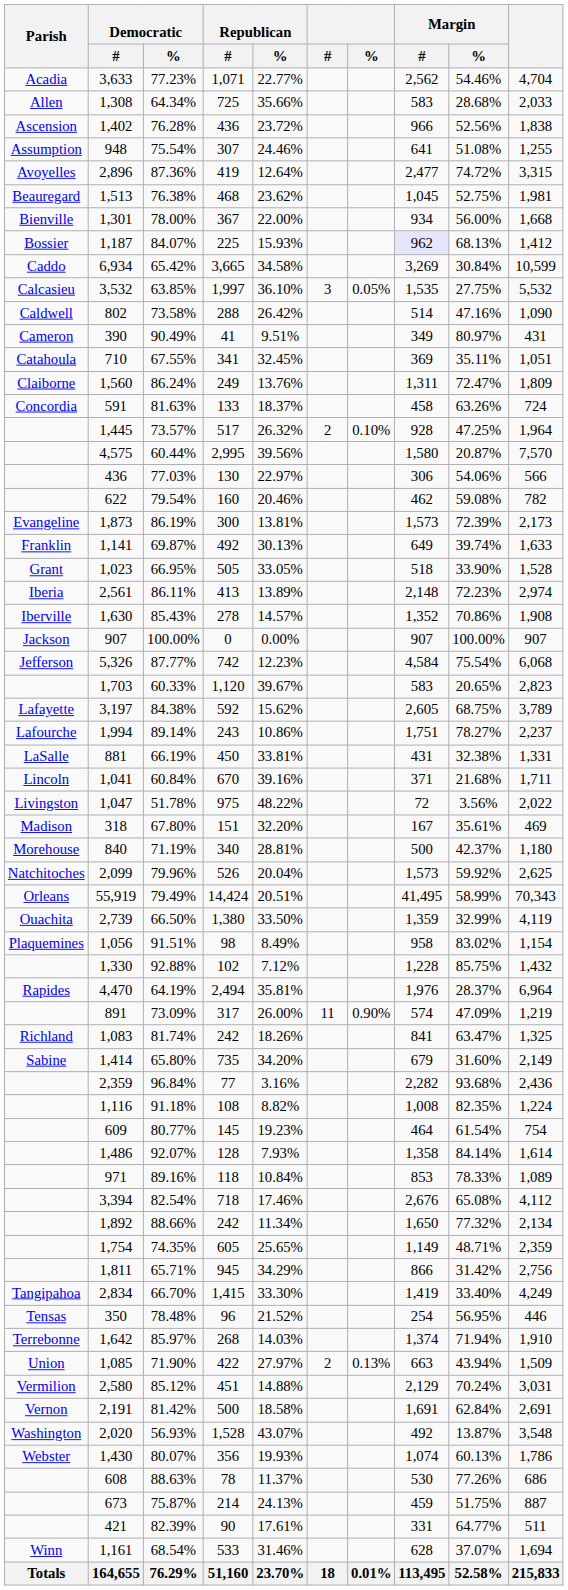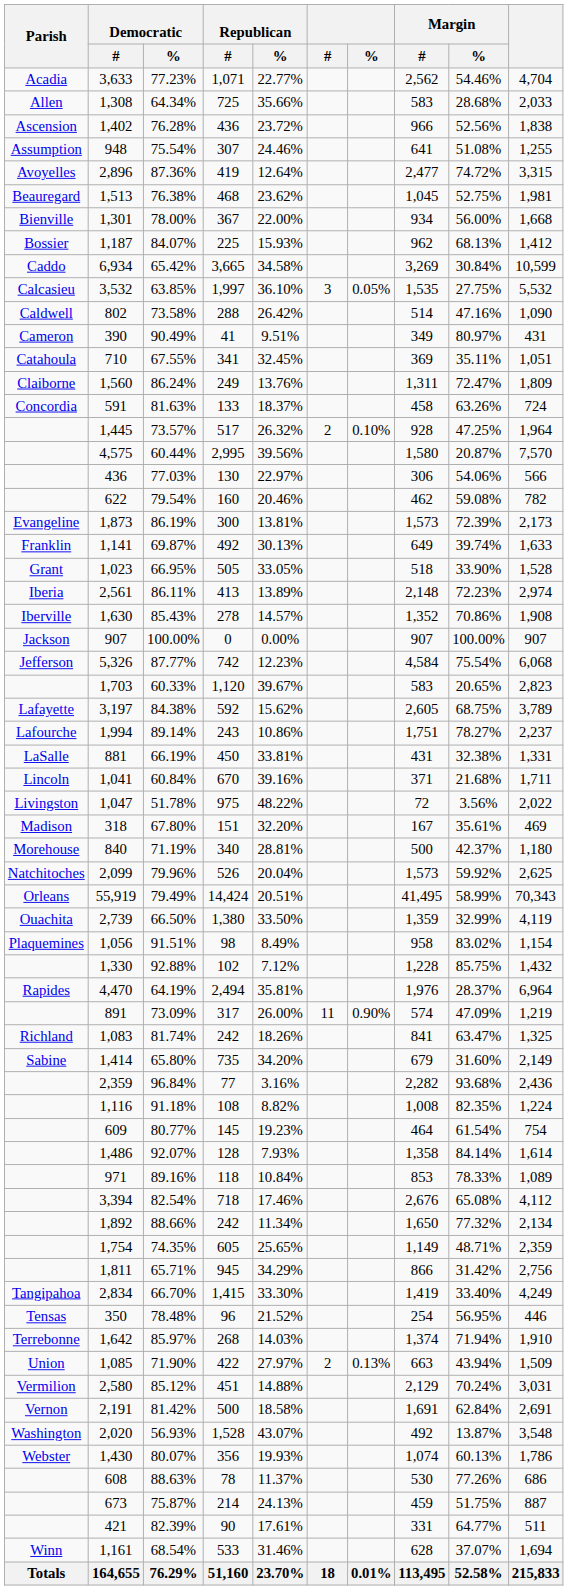 <table class="wikitable sortable mw-collapsible mw-collapsed">
 <tr>
 <th rowspan="2">Parish</th>
 <th colspan="2"><br>Democratic</th>
 <th colspan="2"><br>Republican</th>
 <th colspan="2"><br></th>
 <th colspan="2">Margin</th>
 <th rowspan="2"></th>
 </tr>
 <tr style="text-align:center;">
 <th width="10%" data-sort-type="number">#</th>
 <th width="10%" data-sort-type="number">%</th>
 <th width="9%" data-sort-type="number">#</th>
 <th width="9%" data-sort-type="number">%</th>
 <th width="8%" data-sort-type="number">#</th>
 <th width="8%" data-sort-type="number">%</th>
 <th data-sort-type="number">#</th>
 <th data-sort-type="number">%</th>
 </tr>
 <tr style="text-align:center;">
 <td><a href='#'>Acadia</a></td>
 <td>3,633</td>
 <td>77.23%</td>
 <td>1,071</td>
 <td>22.77%</td>
 <td></td>
 <td></td>
 <td>2,562</td>
 <td>54.46%</td>
 <td>4,704</td>
 </tr>
 <tr style="text-align:center;">
 <td><a href='#'>Allen</a></td>
 <td>1,308</td>
 <td>64.34%</td>
 <td>725</td>
 <td>35.66%</td>
 <td></td>
 <td></td>
 <td>583</td>
 <td>28.68%</td>
 <td>2,033</td>
 </tr>
 <tr style="text-align:center;">
 <td><a href='#'>Ascension</a></td>
 <td>1,402</td>
 <td>76.28%</td>
 <td>436</td>
 <td>23.72%</td>
 <td></td>
 <td></td>
 <td>966</td>
 <td>52.56%</td>
 <td>1,838</td>
 </tr>
 <tr style="text-align:center;">
 <td><a href='#'>Assumption</a></td>
 <td>948</td>
 <td>75.54%</td>
 <td>307</td>
 <td>24.46%</td>
 <td></td>
 <td></td>
 <td>641</td>
 <td>51.08%</td>
 <td>1,255</td>
 </tr>
 <tr style="text-align:center;">
 <td><a href='#'>Avoyelles</a></td>
 <td>2,896</td>
 <td>87.36%</td>
 <td>419</td>
 <td>12.64%</td>
 <td></td>
 <td></td>
 <td>2,477</td>
 <td>74.72%</td>
 <td>3,315</td>
 </tr>
 <tr style="text-align:center;">
 <td><a href='#'>Beauregard</a></td>
 <td>1,513</td>
 <td>76.38%</td>
 <td>468</td>
 <td>23.62%</td>
 <td></td>
 <td></td>
 <td>1,045</td>
 <td>52.75%</td>
 <td>1,981</td>
 </tr>
 <tr style="text-align:center;">
 <td><a href='#'>Bienville</a></td>
 <td>1,301</td>
 <td>78.00%</td>
 <td>367</td>
 <td>22.00%</td>
 <td></td>
 <td></td>
 <td>934</td>
 <td>56.00%</td>
 <td>1,668</td>
 </tr>
 <tr style="text-align:center;">
 <td><a href='#'>Bossier</a></td>
 <td>1,187</td>
 <td>84.07%</td>
 <td>225</td>
 <td>15.93%</td>
 <td></td>
 <td></td>
-<td style="background: lavender;">962</td>
+<td>962</td>
 <td>68.13%</td>
 <td>1,412</td>
 </tr>
 <tr style="text-align:center;">
 <td><a href='#'>Caddo</a></td>
 <td>6,934</td>
 <td>65.42%</td>
 <td>3,665</td>
 <td>34.58%</td>
 <td></td>
 <td></td>
 <td>3,269</td>
 <td>30.84%</td>
 <td>10,599</td>
 </tr>
 <tr style="text-align:center;">
 <td><a href='#'>Calcasieu</a></td>
 <td>3,532</td>
 <td>63.85%</td>
 <td>1,997</td>
 <td>36.10%</td>
 <td>3</td>
 <td>0.05%</td>
 <td>1,535</td>
 <td>27.75%</td>
 <td>5,532</td>
 </tr>
 <tr style="text-align:center;">
 <td><a href='#'>Caldwell</a></td>
 <td>802</td>
 <td>73.58%</td>
 <td>288</td>
 <td>26.42%</td>
 <td></td>
 <td></td>
 <td>514</td>
 <td>47.16%</td>
 <td>1,090</td>
 </tr>
 <tr style="text-align:center;">
 <td><a href='#'>Cameron</a></td>
 <td>390</td>
 <td>90.49%</td>
 <td>41</td>
 <td>9.51%</td>
 <td></td>
 <td></td>
 <td>349</td>
 <td>80.97%</td>
 <td>431</td>
 </tr>
 <tr style="text-align:center;">
 <td><a href='#'>Catahoula</a></td>
 <td>710</td>
 <td>67.55%</td>
 <td>341</td>
 <td>32.45%</td>
 <td></td>
 <td></td>
 <td>369</td>
 <td>35.11%</td>
 <td>1,051</td>
 </tr>
 <tr style="text-align:center;">
 <td><a href='#'>Claiborne</a></td>
 <td>1,560</td>
 <td>86.24%</td>
 <td>249</td>
 <td>13.76%</td>
 <td></td>
 <td></td>
 <td>1,311</td>
 <td>72.47%</td>
 <td>1,809</td>
 </tr>
 <tr style="text-align:center;">
 <td><a href='#'>Concordia</a></td>
 <td>591</td>
 <td>81.63%</td>
 <td>133</td>
 <td>18.37%</td>
 <td></td>
 <td></td>
 <td>458</td>
 <td>63.26%</td>
 <td>724</td>
 </tr>
 <tr style="text-align:center;">
 <td></td>
 <td>1,445</td>
 <td>73.57%</td>
 <td>517</td>
 <td>26.32%</td>
 <td>2</td>
 <td>0.10%</td>
 <td>928</td>
 <td>47.25%</td>
 <td>1,964</td>
 </tr>
 <tr style="text-align:center;">
 <td></td>
 <td>4,575</td>
 <td>60.44%</td>
 <td>2,995</td>
 <td>39.56%</td>
 <td></td>
 <td></td>
 <td>1,580</td>
 <td>20.87%</td>
 <td>7,570</td>
 </tr>
 <tr style="text-align:center;">
 <td></td>
 <td>436</td>
 <td>77.03%</td>
 <td>130</td>
 <td>22.97%</td>
 <td></td>
 <td></td>
 <td>306</td>
 <td>54.06%</td>
 <td>566</td>
 </tr>
 <tr style="text-align:center;">
 <td></td>
 <td>622</td>
 <td>79.54%</td>
 <td>160</td>
 <td>20.46%</td>
 <td></td>
 <td></td>
 <td>462</td>
 <td>59.08%</td>
 <td>782</td>
 </tr>
 <tr style="text-align:center;">
 <td><a href='#'>Evangeline</a></td>
 <td>1,873</td>
 <td>86.19%</td>
 <td>300</td>
 <td>13.81%</td>
 <td></td>
 <td></td>
 <td>1,573</td>
 <td>72.39%</td>
 <td>2,173</td>
 </tr>
 <tr style="text-align:center;">
 <td><a href='#'>Franklin</a></td>
 <td>1,141</td>
 <td>69.87%</td>
 <td>492</td>
 <td>30.13%</td>
 <td></td>
 <td></td>
 <td>649</td>
 <td>39.74%</td>
 <td>1,633</td>
 </tr>
 <tr style="text-align:center;">
 <td><a href='#'>Grant</a></td>
 <td>1,023</td>
 <td>66.95%</td>
 <td>505</td>
 <td>33.05%</td>
 <td></td>
 <td></td>
 <td>518</td>
 <td>33.90%</td>
 <td>1,528</td>
 </tr>
 <tr style="text-align:center;">
 <td><a href='#'>Iberia</a></td>
 <td>2,561</td>
 <td>86.11%</td>
 <td>413</td>
 <td>13.89%</td>
 <td></td>
 <td></td>
 <td>2,148</td>
 <td>72.23%</td>
 <td>2,974</td>
 </tr>
 <tr style="text-align:center;">
 <td><a href='#'>Iberville</a></td>
 <td>1,630</td>
 <td>85.43%</td>
 <td>278</td>
 <td>14.57%</td>
 <td></td>
 <td></td>
 <td>1,352</td>
 <td>70.86%</td>
 <td>1,908</td>
 </tr>
 <tr style="text-align:center;">
 <td><a href='#'>Jackson</a></td>
 <td>907</td>
 <td>100.00%</td>
 <td>0</td>
 <td>0.00%</td>
 <td></td>
 <td></td>
 <td>907</td>
 <td>100.00%</td>
 <td>907</td>
 </tr>
 <tr style="text-align:center;">
 <td><a href='#'>Jefferson</a></td>
 <td>5,326</td>
 <td>87.77%</td>
 <td>742</td>
 <td>12.23%</td>
 <td></td>
 <td></td>
 <td>4,584</td>
 <td>75.54%</td>
 <td>6,068</td>
 </tr>
 <tr style="text-align:center;">
 <td></td>
 <td>1,703</td>
 <td>60.33%</td>
 <td>1,120</td>
 <td>39.67%</td>
 <td></td>
 <td></td>
 <td>583</td>
 <td>20.65%</td>
 <td>2,823</td>
 </tr>
 <tr style="text-align:center;">
 <td><a href='#'>Lafayette</a></td>
 <td>3,197</td>
 <td>84.38%</td>
 <td>592</td>
 <td>15.62%</td>
 <td></td>
 <td></td>
 <td>2,605</td>
 <td>68.75%</td>
 <td>3,789</td>
 </tr>
 <tr style="text-align:center;">
 <td><a href='#'>Lafourche</a></td>
 <td>1,994</td>
 <td>89.14%</td>
 <td>243</td>
 <td>10.86%</td>
 <td></td>
 <td></td>
 <td>1,751</td>
 <td>78.27%</td>
 <td>2,237</td>
 </tr>
 <tr style="text-align:center;">
 <td><a href='#'>LaSalle</a></td>
 <td>881</td>
 <td>66.19%</td>
 <td>450</td>
 <td>33.81%</td>
 <td></td>
 <td></td>
 <td>431</td>
 <td>32.38%</td>
 <td>1,331</td>
 </tr>
 <tr style="text-align:center;">
 <td><a href='#'>Lincoln</a></td>
 <td>1,041</td>
 <td>60.84%</td>
 <td>670</td>
 <td>39.16%</td>
 <td></td>
 <td></td>
 <td>371</td>
 <td>21.68%</td>
 <td>1,711</td>
 </tr>
 <tr style="text-align:center;">
 <td><a href='#'>Livingston</a></td>
 <td>1,047</td>
 <td>51.78%</td>
 <td>975</td>
 <td>48.22%</td>
 <td></td>
 <td></td>
 <td>72</td>
 <td>3.56%</td>
 <td>2,022</td>
 </tr>
 <tr style="text-align:center;">
 <td><a href='#'>Madison</a></td>
 <td>318</td>
 <td>67.80%</td>
 <td>151</td>
 <td>32.20%</td>
 <td></td>
 <td></td>
 <td>167</td>
 <td>35.61%</td>
 <td>469</td>
 </tr>
 <tr style="text-align:center;">
 <td><a href='#'>Morehouse</a></td>
 <td>840</td>
 <td>71.19%</td>
 <td>340</td>
 <td>28.81%</td>
 <td></td>
 <td></td>
 <td>500</td>
 <td>42.37%</td>
 <td>1,180</td>
 </tr>
 <tr style="text-align:center;">
 <td><a href='#'>Natchitoches</a></td>
 <td>2,099</td>
 <td>79.96%</td>
 <td>526</td>
 <td>20.04%</td>
 <td></td>
 <td></td>
 <td>1,573</td>
 <td>59.92%</td>
 <td>2,625</td>
 </tr>
 <tr style="text-align:center;">
 <td><a href='#'>Orleans</a></td>
 <td>55,919</td>
 <td>79.49%</td>
 <td>14,424</td>
 <td>20.51%</td>
 <td></td>
 <td></td>
 <td>41,495</td>
 <td>58.99%</td>
 <td>70,343</td>
 </tr>
 <tr style="text-align:center;">
 <td><a href='#'>Ouachita</a></td>
 <td>2,739</td>
 <td>66.50%</td>
 <td>1,380</td>
 <td>33.50%</td>
 <td></td>
 <td></td>
 <td>1,359</td>
 <td>32.99%</td>
 <td>4,119</td>
 </tr>
 <tr style="text-align:center;">
 <td><a href='#'>Plaquemines</a></td>
 <td>1,056</td>
 <td>91.51%</td>
 <td>98</td>
 <td>8.49%</td>
 <td></td>
 <td></td>
 <td>958</td>
 <td>83.02%</td>
 <td>1,154</td>
 </tr>
 <tr style="text-align:center;">
 <td></td>
 <td>1,330</td>
 <td>92.88%</td>
 <td>102</td>
 <td>7.12%</td>
 <td></td>
 <td></td>
 <td>1,228</td>
 <td>85.75%</td>
 <td>1,432</td>
 </tr>
 <tr style="text-align:center;">
 <td><a href='#'>Rapides</a></td>
 <td>4,470</td>
 <td>64.19%</td>
 <td>2,494</td>
 <td>35.81%</td>
 <td></td>
 <td></td>
 <td>1,976</td>
 <td>28.37%</td>
 <td>6,964</td>
 </tr>
 <tr style="text-align:center;">
 <td></td>
 <td>891</td>
 <td>73.09%</td>
 <td>317</td>
 <td>26.00%</td>
 <td>11</td>
 <td>0.90%</td>
 <td>574</td>
 <td>47.09%</td>
 <td>1,219</td>
 </tr>
 <tr style="text-align:center;">
 <td><a href='#'>Richland</a></td>
 <td>1,083</td>
 <td>81.74%</td>
 <td>242</td>
 <td>18.26%</td>
 <td></td>
 <td></td>
 <td>841</td>
 <td>63.47%</td>
 <td>1,325</td>
 </tr>
 <tr style="text-align:center;">
 <td><a href='#'>Sabine</a></td>
 <td>1,414</td>
 <td>65.80%</td>
 <td>735</td>
 <td>34.20%</td>
 <td></td>
 <td></td>
 <td>679</td>
 <td>31.60%</td>
 <td>2,149</td>
 </tr>
 <tr style="text-align:center;">
 <td></td>
 <td>2,359</td>
 <td>96.84%</td>
 <td>77</td>
 <td>3.16%</td>
 <td></td>
 <td></td>
 <td>2,282</td>
 <td>93.68%</td>
 <td>2,436</td>
 </tr>
 <tr style="text-align:center;">
 <td></td>
 <td>1,116</td>
 <td>91.18%</td>
 <td>108</td>
 <td>8.82%</td>
 <td></td>
 <td></td>
 <td>1,008</td>
 <td>82.35%</td>
 <td>1,224</td>
 </tr>
 <tr style="text-align:center;">
 <td></td>
 <td>609</td>
 <td>80.77%</td>
 <td>145</td>
 <td>19.23%</td>
 <td></td>
 <td></td>
 <td>464</td>
 <td>61.54%</td>
 <td>754</td>
 </tr>
 <tr style="text-align:center;">
 <td></td>
 <td>1,486</td>
 <td>92.07%</td>
 <td>128</td>
 <td>7.93%</td>
 <td></td>
 <td></td>
 <td>1,358</td>
 <td>84.14%</td>
 <td>1,614</td>
 </tr>
 <tr style="text-align:center;">
 <td></td>
 <td>971</td>
 <td>89.16%</td>
 <td>118</td>
 <td>10.84%</td>
 <td></td>
 <td></td>
 <td>853</td>
 <td>78.33%</td>
 <td>1,089</td>
 </tr>
 <tr style="text-align:center;">
 <td></td>
 <td>3,394</td>
 <td>82.54%</td>
 <td>718</td>
 <td>17.46%</td>
 <td></td>
 <td></td>
 <td>2,676</td>
 <td>65.08%</td>
 <td>4,112</td>
 </tr>
 <tr style="text-align:center;">
 <td></td>
 <td>1,892</td>
 <td>88.66%</td>
 <td>242</td>
 <td>11.34%</td>
 <td></td>
 <td></td>
 <td>1,650</td>
 <td>77.32%</td>
 <td>2,134</td>
 </tr>
 <tr style="text-align:center;">
 <td></td>
 <td>1,754</td>
 <td>74.35%</td>
 <td>605</td>
 <td>25.65%</td>
 <td></td>
 <td></td>
 <td>1,149</td>
 <td>48.71%</td>
 <td>2,359</td>
 </tr>
 <tr style="text-align:center;">
 <td></td>
 <td>1,811</td>
 <td>65.71%</td>
 <td>945</td>
 <td>34.29%</td>
 <td></td>
 <td></td>
 <td>866</td>
 <td>31.42%</td>
 <td>2,756</td>
 </tr>
 <tr style="text-align:center;">
 <td><a href='#'>Tangipahoa</a></td>
 <td>2,834</td>
 <td>66.70%</td>
 <td>1,415</td>
 <td>33.30%</td>
 <td></td>
 <td></td>
 <td>1,419</td>
 <td>33.40%</td>
 <td>4,249</td>
 </tr>
 <tr style="text-align:center;">
 <td><a href='#'>Tensas</a></td>
 <td>350</td>
 <td>78.48%</td>
 <td>96</td>
 <td>21.52%</td>
 <td></td>
 <td></td>
 <td>254</td>
 <td>56.95%</td>
 <td>446</td>
 </tr>
 <tr style="text-align:center;">
 <td><a href='#'>Terrebonne</a></td>
 <td>1,642</td>
 <td>85.97%</td>
 <td>268</td>
 <td>14.03%</td>
 <td></td>
 <td></td>
 <td>1,374</td>
 <td>71.94%</td>
 <td>1,910</td>
 </tr>
 <tr style="text-align:center;">
 <td><a href='#'>Union</a></td>
 <td>1,085</td>
 <td>71.90%</td>
 <td>422</td>
 <td>27.97%</td>
 <td>2</td>
 <td>0.13%</td>
 <td>663</td>
 <td>43.94%</td>
 <td>1,509</td>
 </tr>
 <tr style="text-align:center;">
 <td><a href='#'>Vermilion</a></td>
 <td>2,580</td>
 <td>85.12%</td>
 <td>451</td>
 <td>14.88%</td>
 <td></td>
 <td></td>
 <td>2,129</td>
 <td>70.24%</td>
 <td>3,031</td>
 </tr>
 <tr style="text-align:center;">
 <td><a href='#'>Vernon</a></td>
 <td>2,191</td>
 <td>81.42%</td>
 <td>500</td>
 <td>18.58%</td>
 <td></td>
 <td></td>
 <td>1,691</td>
 <td>62.84%</td>
 <td>2,691</td>
 </tr>
 <tr style="text-align:center;">
 <td><a href='#'>Washington</a></td>
 <td>2,020</td>
 <td>56.93%</td>
 <td>1,528</td>
 <td>43.07%</td>
 <td></td>
 <td></td>
 <td>492</td>
 <td>13.87%</td>
 <td>3,548</td>
 </tr>
 <tr style="text-align:center;">
 <td><a href='#'>Webster</a></td>
 <td>1,430</td>
 <td>80.07%</td>
 <td>356</td>
 <td>19.93%</td>
 <td></td>
 <td></td>
 <td>1,074</td>
 <td>60.13%</td>
 <td>1,786</td>
 </tr>
 <tr style="text-align:center;">
 <td></td>
 <td>608</td>
 <td>88.63%</td>
 <td>78</td>
 <td>11.37%</td>
 <td></td>
 <td></td>
 <td>530</td>
 <td>77.26%</td>
 <td>686</td>
 </tr>
 <tr style="text-align:center;">
 <td></td>
 <td>673</td>
 <td>75.87%</td>
 <td>214</td>
 <td>24.13%</td>
 <td></td>
 <td></td>
 <td>459</td>
 <td>51.75%</td>
 <td>887</td>
 </tr>
 <tr style="text-align:center;">
 <td></td>
 <td>421</td>
 <td>82.39%</td>
 <td>90</td>
 <td>17.61%</td>
 <td></td>
 <td></td>
 <td>331</td>
 <td>64.77%</td>
 <td>511</td>
 </tr>
 <tr style="text-align:center;">
 <td><a href='#'>Winn</a></td>
 <td>1,161</td>
 <td>68.54%</td>
 <td>533</td>
 <td>31.46%</td>
 <td></td>
 <td></td>
 <td>628</td>
 <td>37.07%</td>
 <td>1,694</td>
 </tr>
 <tr style="text-align:center;">
 <th>Totals</th>
 <th>164,655</th>
 <th>76.29%</th>
 <th>51,160</th>
 <th>23.70%</th>
 <th>18</th>
 <th>0.01%</th>
 <th>113,495</th>
 <th>52.58%</th>
 <th>215,833</th>
 </tr>
 </table>
